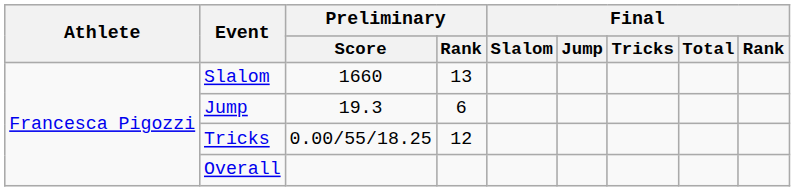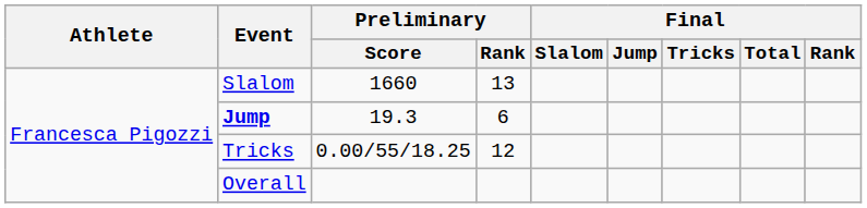 <table class=wikitable style=font-size:90%;text-align:center>
 <tr>
 <th rowspan=2>Athlete</th>
 <th rowspan=2>Event</th>
 <th colspan=2>Preliminary</th>
 <th colspan=5>Final</th>
 </tr>
 <tr style=font-size:95%>
 <th>Score</th>
 <th>Rank</th>
 <th>Slalom</th>
 <th>Jump</th>
 <th>Tricks</th>
 <th>Total</th>
 <th>Rank</th>
 </tr>
 <tr>
 <td align=left rowspan=4><a href='#'>Francesca Pigozzi</a></td>
 <td align=left><a href='#'>Slalom</a></td>
 <td>1660</td>
 <td>13</td>
 <td></td>
 <td></td>
 <td></td>
 <td></td>
 <td></td>
 </tr>
 <tr>
-<td align=left><a href='#'>Jump</a></td>
+<td align=left><strong><a href='#'>Jump</a></strong></td>
 <td>19.3</td>
 <td>6</td>
 <td></td>
 <td></td>
 <td></td>
 <td></td>
 <td></td>
 </tr>
 <tr>
 <td align=left><a href='#'>Tricks</a></td>
 <td>0.00/55/18.25</td>
 <td>12</td>
 <td></td>
 <td></td>
 <td></td>
 <td></td>
 <td></td>
 </tr>
 <tr>
 <td align=left><a href='#'>Overall</a></td>
 <td></td>
 <td></td>
 <td></td>
 <td></td>
 <td></td>
 <td></td>
 <td></td>
 </tr>
 </table>
